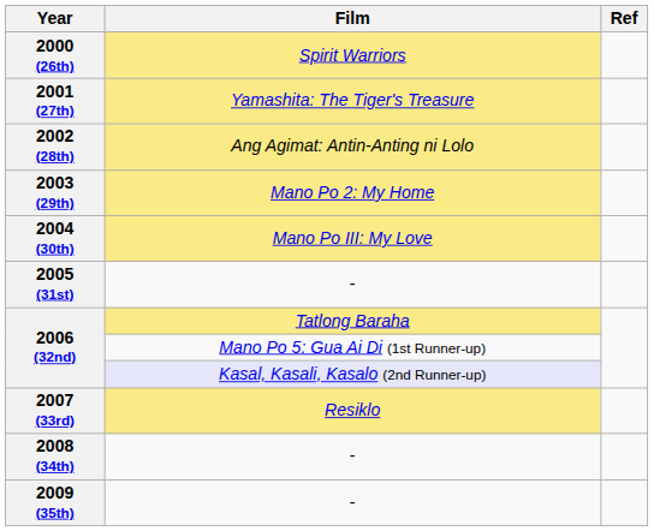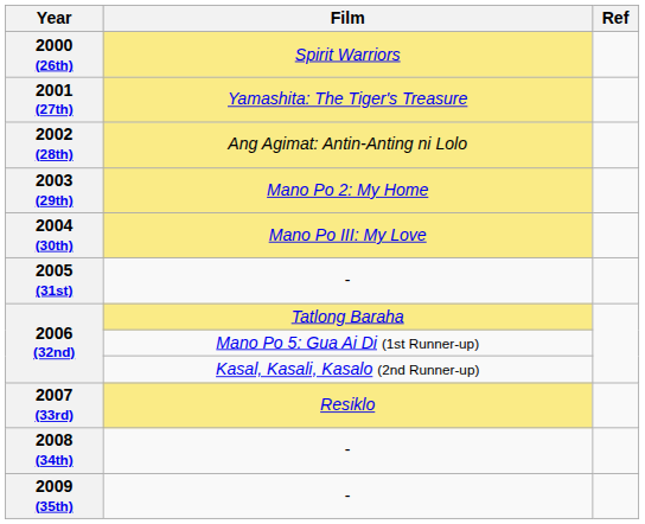 <table class="wikitable" style="text-align:center;">
 <tr style="background:#bebebe;">
 <th scope="col" style="width:8%;">Year</th>
 <th scope="col" style="width:40%;">Film</th>
 <th scope="col" style="width:2%;">Ref</th>
 </tr>
 <tr>
 <th scope="row" style="text-align:center">2000 <br><small><a href='#'>(26th)</a> </small></th>
 <td style="background:#FAEB86"><em><a href='#'>Spirit Warriors</a></em></td>
 <td></td>
 </tr>
 <tr>
 <th scope="row" style="text-align:center">2001 <br><small><a href='#'>(27th)</a> </small></th>
 <td style="background:#FAEB86"><em><a href='#'>Yamashita: The Tiger's Treasure</a></em></td>
 <td></td>
 </tr>
 <tr>
 <th scope="row" style="text-align:center">2002 <br><small><a href='#'>(28th)</a> </small></th>
 <td style="background:#FAEB86"><em>Ang Agimat: Antin-Anting ni Lolo</em></td>
 <td></td>
 </tr>
 <tr>
 <th scope="row" style="text-align:center">2003 <br><small><a href='#'>(29th)</a> </small></th>
 <td style="background:#FAEB86"><em><a href='#'>Mano Po 2: My Home</a></em></td>
 <td></td>
 </tr>
 <tr>
 <th scope="row" style="text-align:center">2004 <br><small><a href='#'>(30th)</a> </small></th>
 <td style="background:#FAEB86"><em><a href='#'>Mano Po III: My Love</a></em></td>
 <td></td>
 </tr>
 <tr>
 <th scope="row" style="text-align:center">2005 <br><small><a href='#'>(31st)</a> </small></th>
 <td>-</td>
 <td></td>
 </tr>
 <tr>
 <th scope="row" style="text-align:center" rowspan=3>2006 <br><small><a href='#'>(32nd)</a> </small></th>
 <td style="background:#FAEB86"><em><a href='#'>Tatlong Baraha</a></em></td>
 <td rowspan=3></td>
 </tr>
 <tr>
 <td><em><a href='#'>Mano Po 5: Gua Ai Di</a></em> <small>(1st Runner-up)</small></td>
 </tr>
 <tr>
-<td style="background: lavender;"><em><a href='#'>Kasal, Kasali, Kasalo</a></em> <small>(2nd Runner-up)</small></td>
+<td><em><a href='#'>Kasal, Kasali, Kasalo</a></em> <small>(2nd Runner-up)</small></td>
 </tr>
 <tr>
 <th scope="row" style="text-align:center">2007 <br><small><a href='#'>(33rd)</a> </small></th>
 <td style="background:#FAEB86"><em><a href='#'>Resiklo</a></em></td>
 <td></td>
 </tr>
 <tr>
 <th scope="row" style="text-align:center">2008 <br><small><a href='#'>(34th)</a> </small></th>
 <td>-</td>
 <td></td>
 </tr>
 <tr>
 <th scope="row" style="text-align:center">2009 <br><small><a href='#'>(35th)</a> </small></th>
 <td>-</td>
 <td></td>
 </tr>
 </table>
